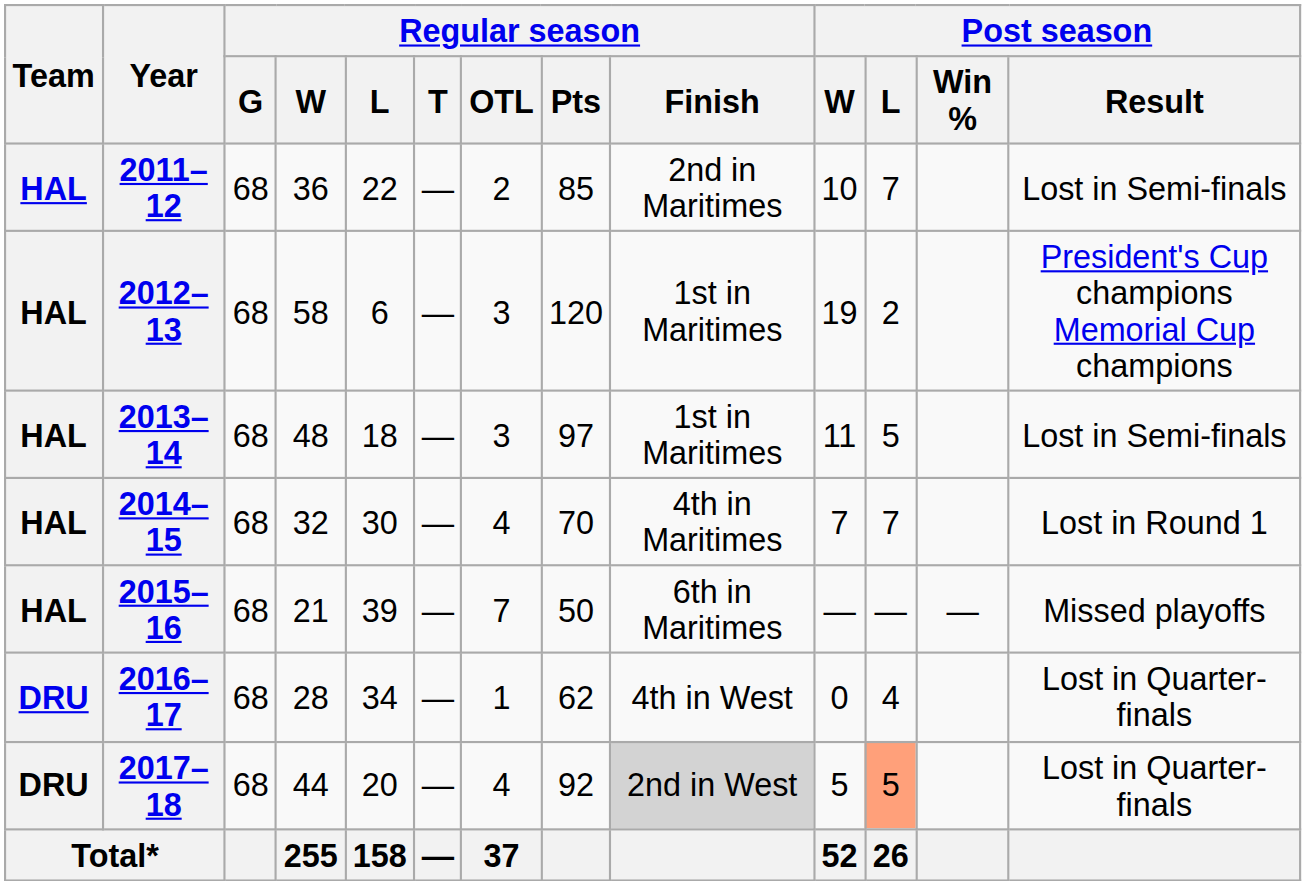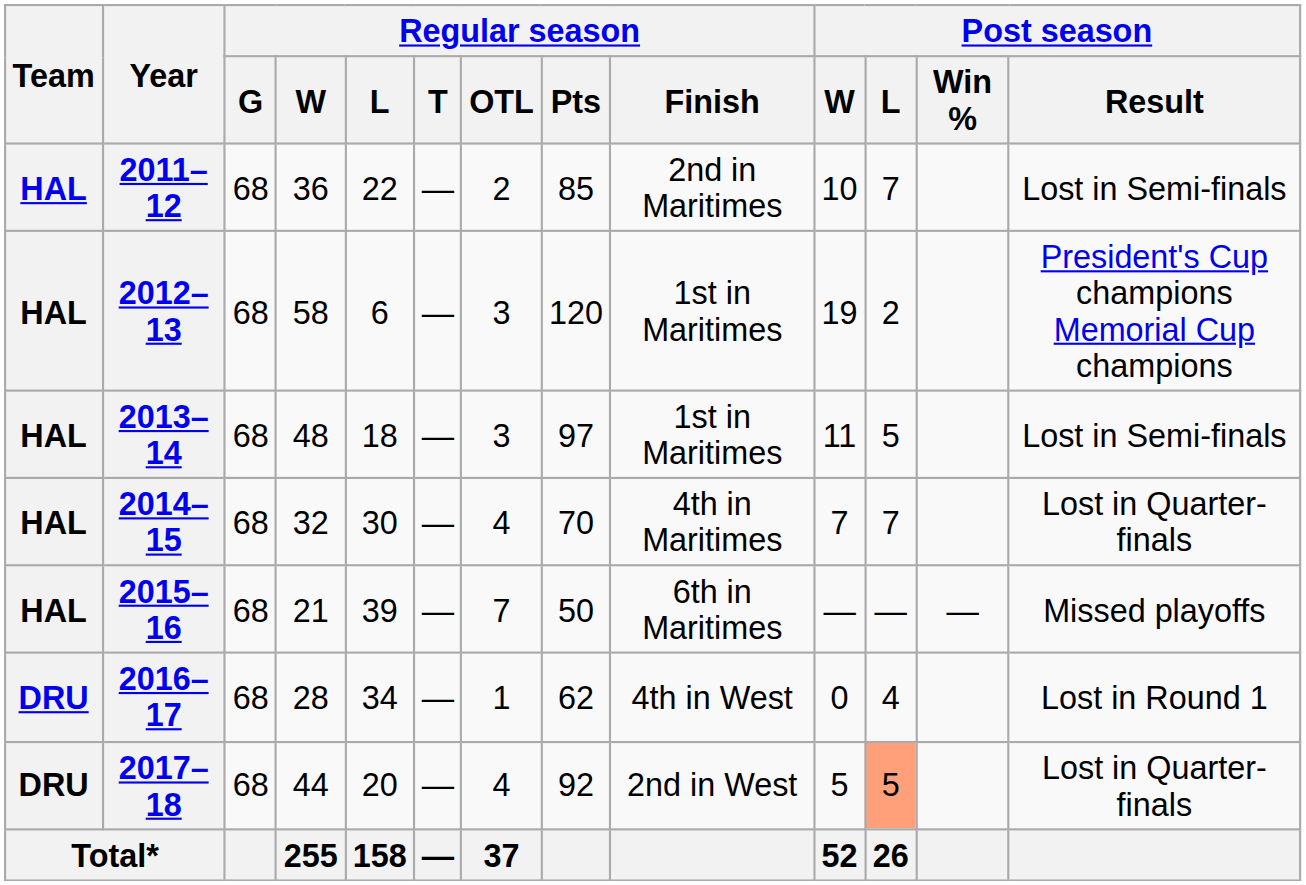 <table class="wikitable" style="font-size: 95%; text-align:center;">
 <tr>
 <th rowspan="2">Team</th>
 <th rowspan="2">Year</th>
 <th colspan="7"><a href='#'>Regular season</a></th>
 <th colspan="4"><a href='#'>Post season</a></th>
 </tr>
 <tr>
 <th>G</th>
 <th>W</th>
 <th>L</th>
 <th>T</th>
 <th>OTL</th>
 <th>Pts</th>
 <th>Finish</th>
 <th>W</th>
 <th>L</th>
 <th>Win %</th>
 <th>Result</th>
 </tr>
 <tr style="background:##f0f0f0;">
 <th><a href='#'>HAL</a></th>
 <th><a href='#'>2011–12</a></th>
 <td>68</td>
 <td>36</td>
 <td>22</td>
 <td>—</td>
 <td>2</td>
 <td>85</td>
 <td>2nd in Maritimes</td>
 <td>10</td>
 <td>7</td>
 <td></td>
 <td>Lost in Semi-finals</td>
 </tr>
 <tr style="background:##f0f0f0;">
 <th>HAL</th>
 <th><a href='#'>2012–13</a></th>
 <td>68</td>
 <td>58</td>
 <td>6</td>
 <td>—</td>
 <td>3</td>
 <td>120</td>
 <td>1st in Maritimes</td>
 <td>19</td>
 <td>2</td>
 <td></td>
 <td><a href='#'>President's Cup</a> champions<br><a href='#'>Memorial Cup</a> champions</td>
 </tr>
 <tr style="background:##f0f0f0;">
 <th>HAL</th>
 <th><a href='#'>2013–14</a></th>
 <td>68</td>
 <td>48</td>
 <td>18</td>
 <td>—</td>
 <td>3</td>
 <td>97</td>
 <td>1st in Maritimes</td>
 <td>11</td>
 <td>5</td>
 <td></td>
 <td>Lost in Semi-finals</td>
 </tr>
 <tr style="background:##f0f0f0;">
 <th>HAL</th>
 <th><a href='#'>2014–15</a></th>
 <td>68</td>
 <td>32</td>
 <td>30</td>
 <td>—</td>
 <td>4</td>
 <td>70</td>
 <td>4th in Maritimes</td>
 <td>7</td>
 <td>7</td>
 <td></td>
-<td>Lost in Round 1</td>
+<td>Lost in Quarter-finals</td>
 </tr>
 <tr style="background:##f0f0f0;">
 <th>HAL</th>
 <th><a href='#'>2015–16</a></th>
 <td>68</td>
 <td>21</td>
 <td>39</td>
 <td>—</td>
 <td>7</td>
 <td>50</td>
 <td>6th in Maritimes</td>
 <td>—</td>
 <td>—</td>
 <td>—</td>
 <td>Missed playoffs</td>
 </tr>
 <tr style="background:##f0f0f0;">
 <th><a href='#'>DRU</a></th>
 <th><a href='#'>2016–17</a></th>
 <td>68</td>
 <td>28</td>
 <td>34</td>
 <td>—</td>
 <td>1</td>
 <td>62</td>
 <td>4th in West</td>
 <td>0</td>
 <td>4</td>
 <td></td>
-<td>Lost in Quarter-finals</td>
+<td>Lost in Round 1</td>
 </tr>
 <tr>
 <th>DRU</th>
 <th><a href='#'>2017–18</a></th>
 <td>68</td>
 <td>44</td>
 <td>20</td>
 <td>—</td>
 <td>4</td>
 <td>92</td>
-<td style="background: lightgrey;">2nd in West</td>
+<td>2nd in West</td>
 <td>5</td>
 <td style="background: lightsalmon;">5</td>
 <td></td>
 <td>Lost in Quarter-finals</td>
 </tr>
 <tr>
 <th colspan="2">Total*</th>
 <th 450></th>
 <th>255</th>
 <th>158</th>
 <th>—</th>
 <th>37</th>
 <th> </th>
 <th> </th>
 <th>52</th>
 <th>26</th>
 <th></th>
 <th> </th>
 </tr>
 </table>
